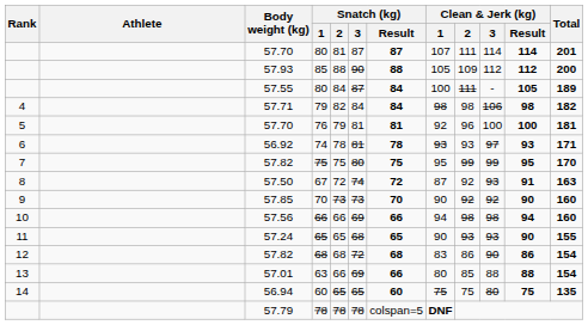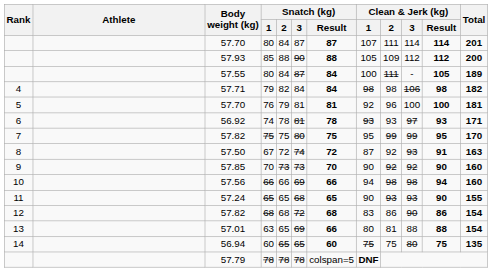 <table class = "wikitable sortable" style="text-align:center;">
 <tr>
 <th rowspan=2>Rank</th>
 <th rowspan=2 width=275>Athlete</th>
 <th rowspan=2>Body<br>weight (kg)</th>
 <th colspan=4>Snatch (kg)</th>
 <th colspan=4>Clean & Jerk (kg)</th>
 <th rowspan=2>Total</th>
 </tr>
 <tr>
 <th class="unsortable">1</th>
 <th class="unsortable">2</th>
 <th class="unsortable">3</th>
 <th width=55>Result</th>
 <th class="unsortable">1</th>
 <th class="unsortable">2</th>
 <th class="unsortable">3</th>
 <th width=55>Result</th>
 </tr>
 <tr>
 <td></td>
 <td align=left></td>
 <td>57.70</td>
 <td>80</td>
-<td>81</td>
+<td>84</td>
 <td>87</td>
 <td><strong>87</strong></td>
 <td>107</td>
 <td>111</td>
 <td>114</td>
 <td><strong>114</strong></td>
 <td><strong>201</strong></td>
 </tr>
 <tr>
 <td></td>
 <td align=left></td>
 <td>57.93</td>
 <td>85</td>
 <td>88</td>
 <td><s>90</s></td>
 <td><strong>88</strong></td>
 <td>105</td>
 <td>109</td>
 <td>112</td>
 <td><strong>112</strong></td>
 <td><strong>200</strong></td>
 </tr>
 <tr>
 <td></td>
 <td align=left></td>
 <td>57.55</td>
 <td>80</td>
 <td>84</td>
 <td><s>87</s></td>
 <td><strong>84</strong></td>
 <td>100</td>
 <td><s>111</s></td>
 <td>-</td>
 <td><strong>105</strong></td>
 <td><strong>189</strong></td>
 </tr>
 <tr>
 <td>4</td>
 <td align=left></td>
 <td>57.71</td>
 <td>79</td>
 <td>82</td>
 <td>84</td>
 <td><strong>84</strong></td>
 <td><s>98</s></td>
 <td>98</td>
 <td><s>106</s></td>
 <td><strong>98</strong></td>
 <td><strong>182</strong></td>
 </tr>
 <tr>
 <td>5</td>
 <td align=left></td>
 <td>57.70</td>
 <td>76</td>
 <td>79</td>
 <td>81</td>
 <td><strong>81</strong></td>
 <td>92</td>
 <td>96</td>
 <td>100</td>
 <td><strong>100</strong></td>
 <td><strong>181</strong></td>
 </tr>
 <tr>
 <td>6</td>
 <td align=left></td>
 <td>56.92</td>
 <td>74</td>
 <td>78</td>
 <td><s>81</s></td>
 <td><strong>78</strong></td>
 <td><s>93</s></td>
 <td>93</td>
 <td><s>97</s></td>
 <td><strong>93</strong></td>
 <td><strong>171</strong></td>
 </tr>
 <tr>
 <td>7</td>
 <td align=left></td>
 <td>57.82</td>
 <td><s>75</s></td>
 <td>75</td>
 <td><s>80</s></td>
 <td><strong>75</strong></td>
 <td>95</td>
 <td><s>99</s></td>
 <td><s>99</s></td>
 <td><strong>95</strong></td>
 <td><strong>170</strong></td>
 </tr>
 <tr>
 <td>8</td>
 <td align=left></td>
 <td>57.50</td>
 <td>67</td>
 <td>72</td>
 <td><s>74</s></td>
 <td><strong>72</strong></td>
 <td>87</td>
 <td>92</td>
 <td><s>93</s></td>
 <td><strong>91</strong></td>
 <td><strong>163</strong></td>
 </tr>
 <tr>
 <td>9</td>
 <td align=left></td>
 <td>57.85</td>
 <td>70</td>
 <td><s>73</s></td>
 <td><s>73</s></td>
 <td><strong>70</strong></td>
 <td>90</td>
 <td><s>92</s></td>
 <td><s>92</s></td>
 <td><strong>90</strong></td>
 <td><strong>160</strong></td>
 </tr>
 <tr>
 <td>10</td>
 <td align=left></td>
 <td>57.56</td>
 <td><s>66</s></td>
 <td>66</td>
 <td><s>69</s></td>
 <td><strong>66</strong></td>
 <td>94</td>
 <td><s>98</s></td>
 <td><s>98</s></td>
 <td><strong>94</strong></td>
 <td><strong>160</strong></td>
 </tr>
 <tr>
 <td>11</td>
 <td align=left></td>
 <td>57.24</td>
 <td><s>65</s></td>
 <td>65</td>
 <td><s>68</s></td>
 <td><strong>65</strong></td>
 <td>90</td>
 <td><s>93</s></td>
 <td><s>93</s></td>
 <td><strong>90</strong></td>
 <td><strong>155</strong></td>
 </tr>
 <tr>
 <td>12</td>
 <td align=left></td>
 <td>57.82</td>
 <td><s>68</s></td>
 <td>68</td>
 <td><s>72</s></td>
 <td><strong>68</strong></td>
 <td>83</td>
 <td>86</td>
 <td><s>90</s></td>
 <td><strong>86</strong></td>
 <td><strong>154</strong></td>
 </tr>
 <tr>
 <td>13</td>
 <td align=left></td>
 <td>57.01</td>
 <td>63</td>
-<td>66</td>
+<td>65</td>
 <td><s>69</s></td>
 <td><strong>66</strong></td>
 <td>80</td>
-<td>85</td>
+<td>81</td>
 <td>88</td>
 <td><strong>88</strong></td>
 <td><strong>154</strong></td>
 </tr>
 <tr>
 <td>14</td>
 <td align=left></td>
 <td>56.94</td>
 <td>60</td>
 <td><s>65</s></td>
 <td><s>65</s></td>
 <td><strong>60</strong></td>
 <td><s>75</s></td>
 <td>75</td>
 <td><s>80</s></td>
 <td><strong>75</strong></td>
 <td><strong>135</strong></td>
 </tr>
 <tr>
 <td></td>
 <td align=left></td>
 <td>57.79</td>
 <td><s>78</s></td>
 <td><s>78</s></td>
 <td><s>78</s></td>
 <td>colspan=5 </td>
 <td><strong>DNF</strong></td>
 </tr>
 </table>
